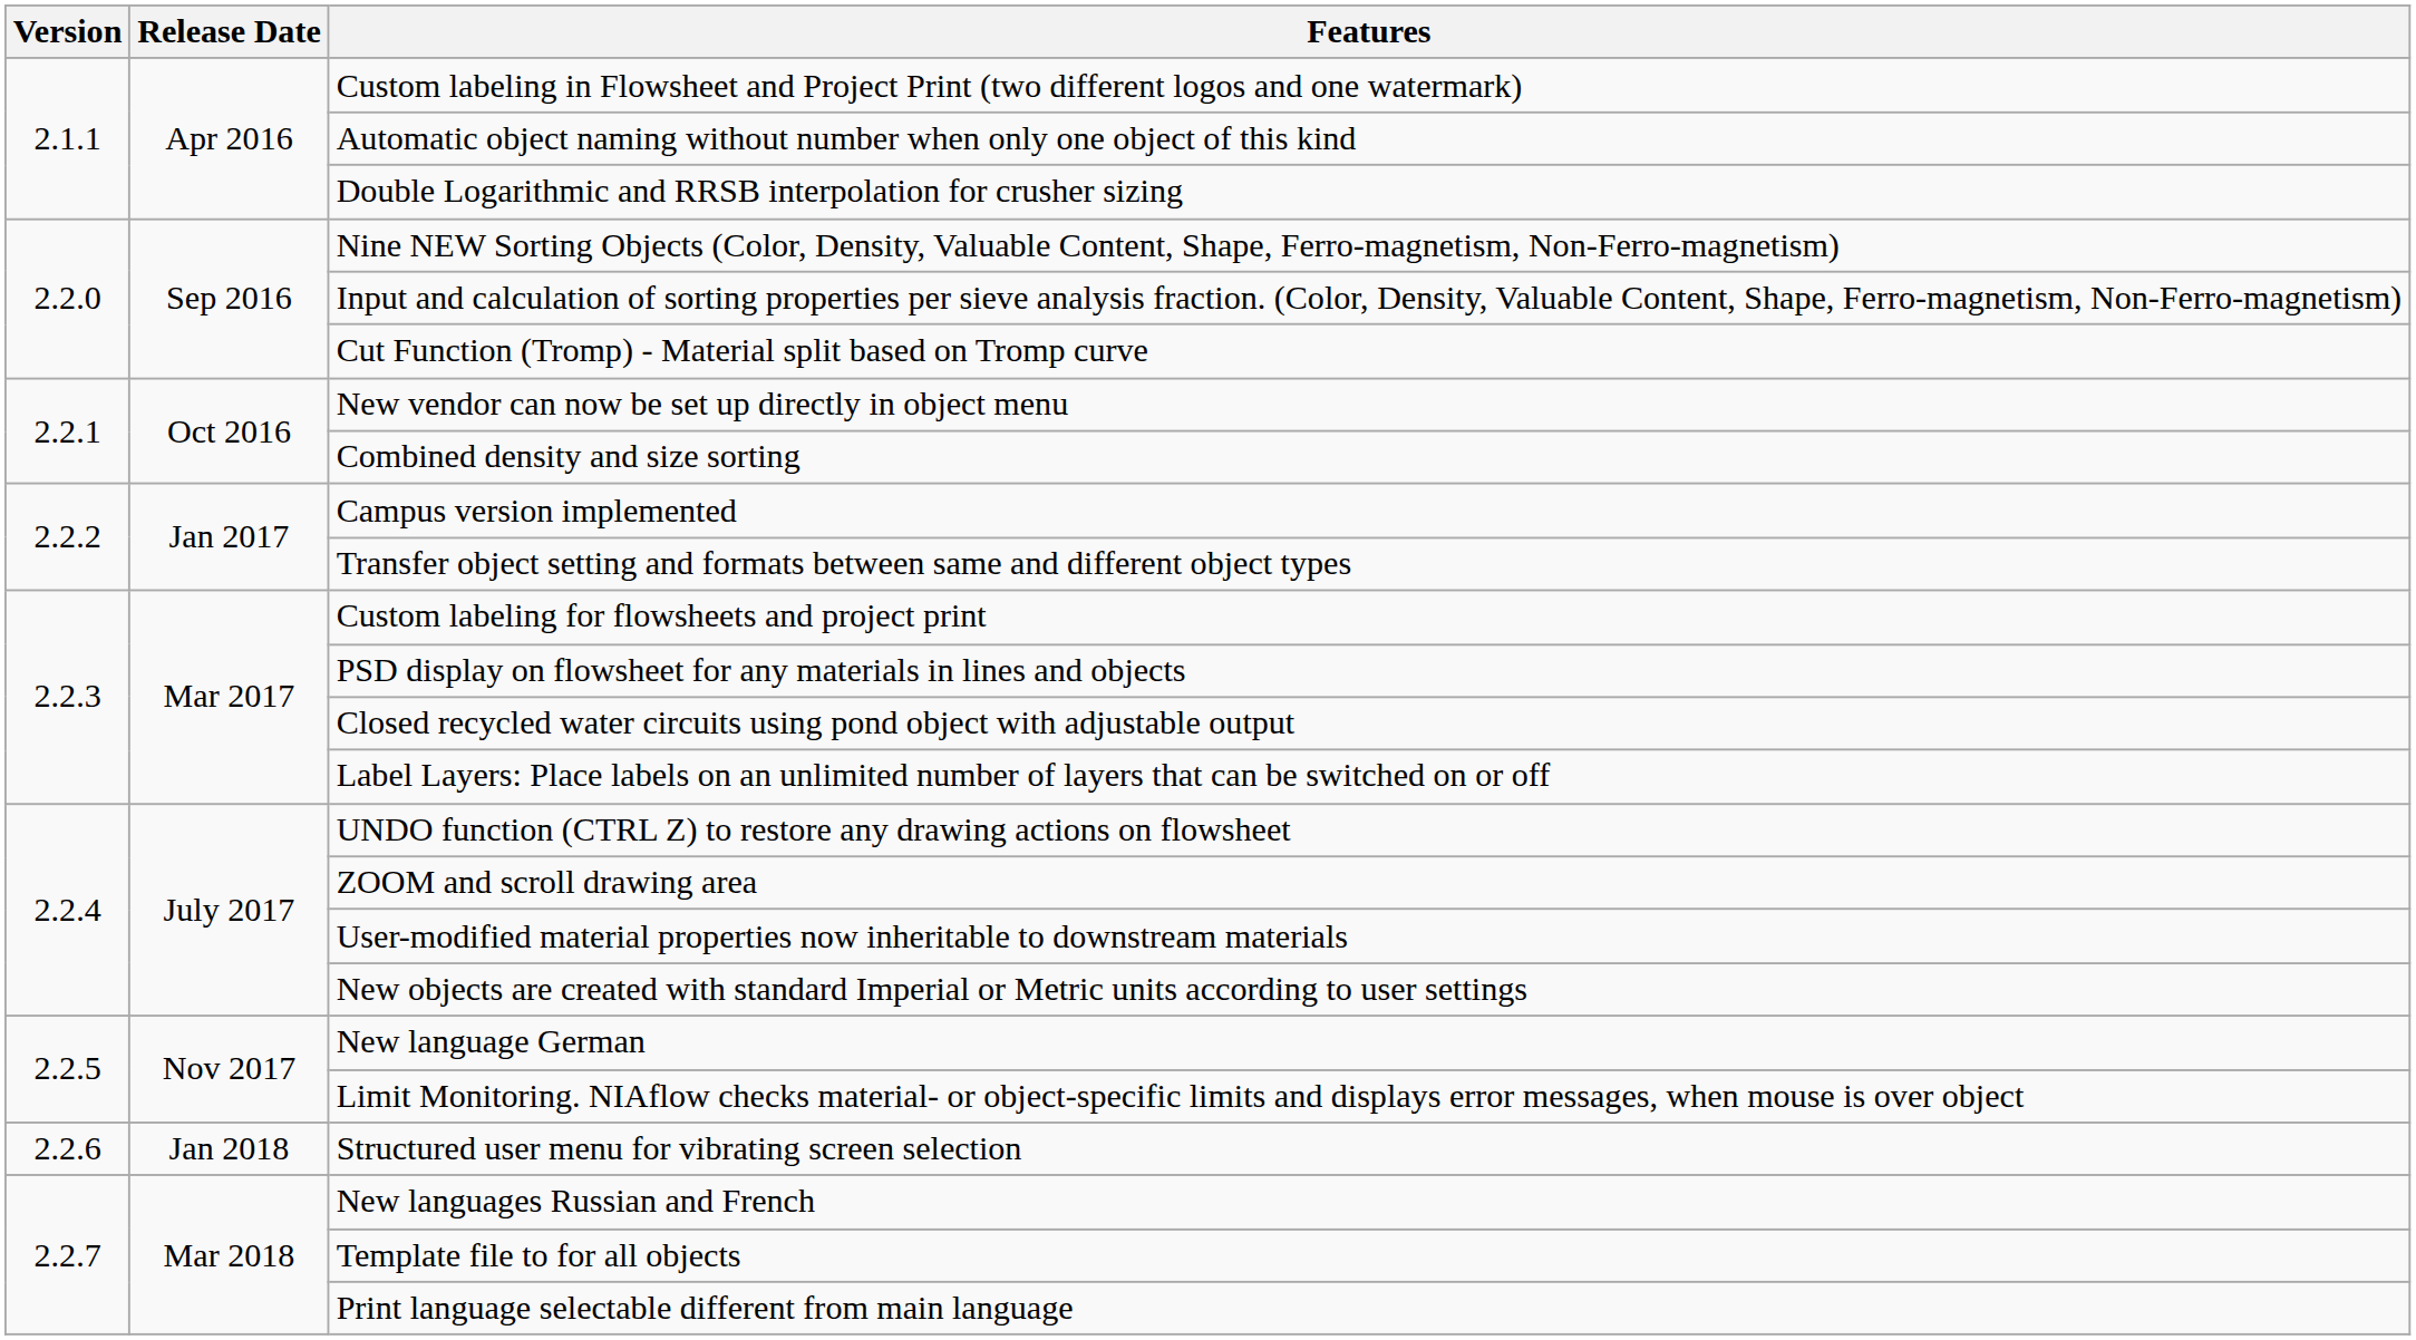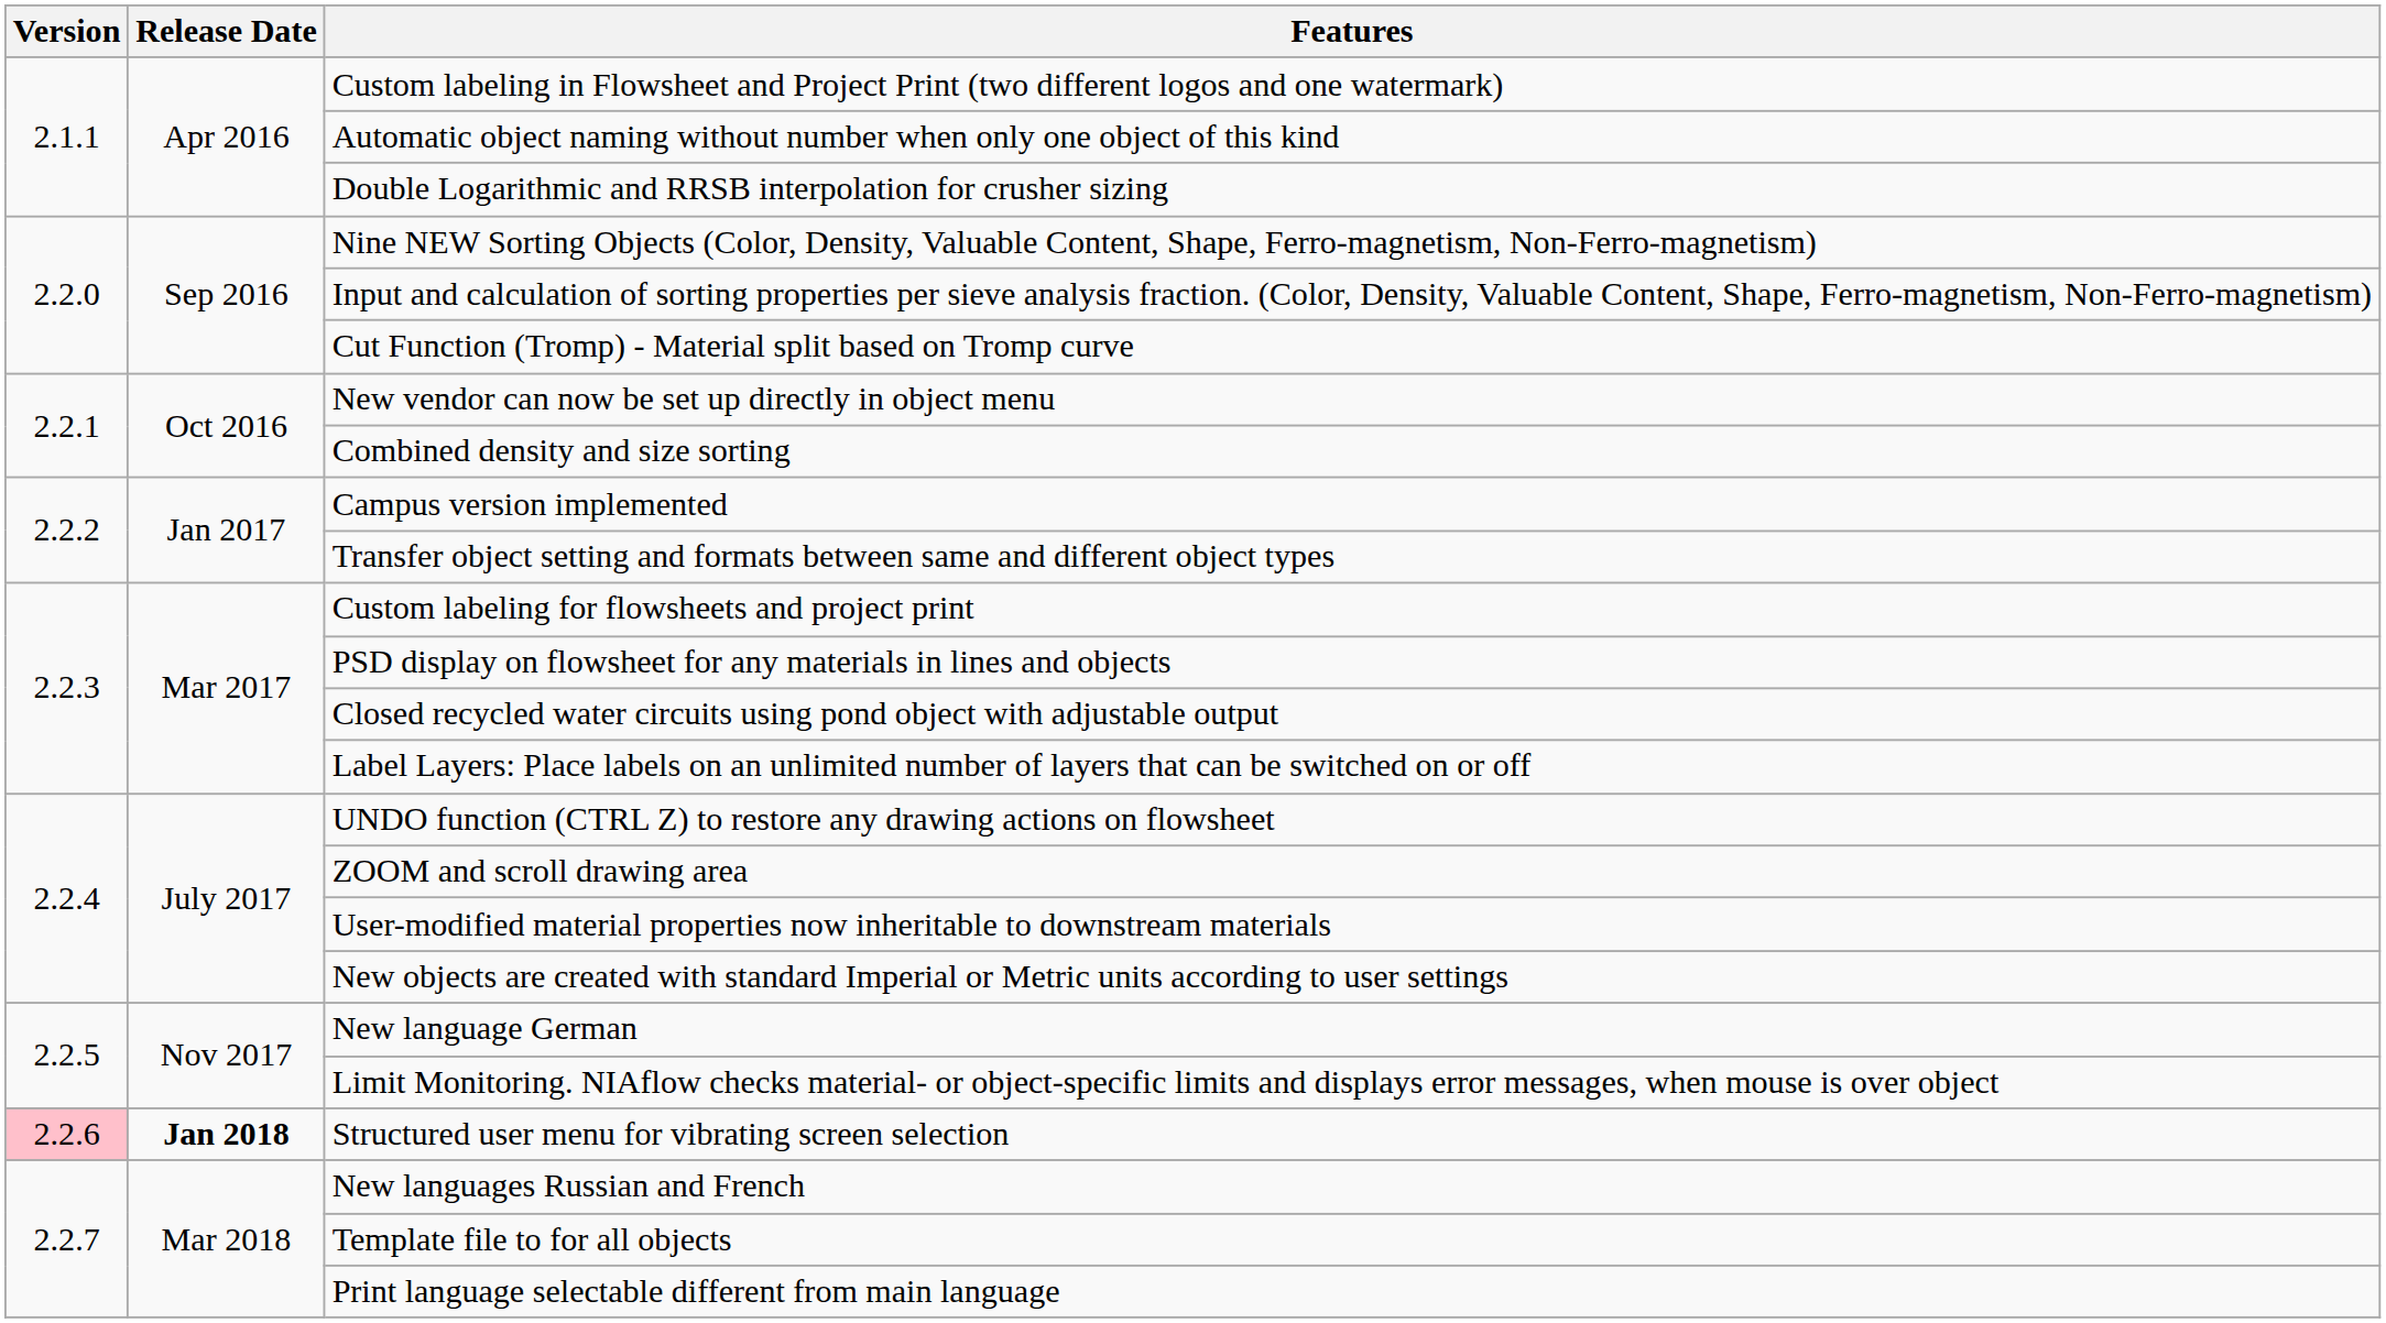 <table class="wikitable">
 <tr>
 <th>Version</th>
 <th>Release Date</th>
 <th>Features</th>
 </tr>
 <tr>
 <td style="text-align:center;" rowspan="3">2.1.1</td>
 <td style="text-align:center;" rowspan="3">Apr 2016</td>
 <td>Custom labeling in Flowsheet and Project Print (two different logos and one watermark)</td>
 </tr>
 <tr>
 <td>Automatic object naming without number when only one object of this kind</td>
 </tr>
 <tr>
 <td>Double Logarithmic and RRSB interpolation for crusher sizing</td>
 </tr>
 <tr>
 <td style="text-align:center;" rowspan="3">2.2.0</td>
 <td style="text-align:center;" rowspan="3">Sep 2016</td>
 <td>Nine NEW Sorting Objects (Color, Density, Valuable Content, Shape, Ferro-magnetism, Non-Ferro-magnetism)</td>
 </tr>
 <tr>
 <td>Input and calculation of sorting properties per sieve analysis fraction. (Color, Density, Valuable Content, Shape, Ferro-magnetism, Non-Ferro-magnetism)</td>
 </tr>
 <tr>
 <td>Cut Function (Tromp) - Material split based on Tromp curve</td>
 </tr>
 <tr>
 <td style="text-align:center;" rowspan="2">2.2.1</td>
 <td style="text-align:center;" rowspan="2">Oct 2016</td>
 <td>New vendor can now be set up directly in object menu</td>
 </tr>
 <tr>
 <td>Combined density and size sorting</td>
 </tr>
 <tr>
 <td style="text-align:center;" rowspan="2">2.2.2</td>
 <td style="text-align:center;" rowspan="2">Jan 2017</td>
 <td>Campus version implemented</td>
 </tr>
 <tr>
 <td>Transfer object setting and formats between same and different object types</td>
 </tr>
 <tr>
 <td style="text-align:center;" rowspan="4">2.2.3</td>
 <td style="text-align:center;" rowspan="4">Mar 2017</td>
 <td>Custom labeling for flowsheets and project print</td>
 </tr>
 <tr>
 <td>PSD display on flowsheet for any materials in lines and objects</td>
 </tr>
 <tr>
 <td>Closed recycled water circuits using pond object with adjustable output</td>
 </tr>
 <tr>
 <td>Label Layers: Place labels on an unlimited number of layers that can be switched on or off</td>
 </tr>
 <tr>
 <td style="text-align:center;" rowspan="4">2.2.4</td>
 <td style="text-align:center;" rowspan="4">July 2017</td>
 <td>UNDO function (CTRL Z) to restore any drawing actions on flowsheet</td>
 </tr>
 <tr>
 <td>ZOOM and scroll drawing area</td>
 </tr>
 <tr>
 <td>User-modified material properties now inheritable to downstream materials</td>
 </tr>
 <tr>
 <td>New objects are created with standard Imperial or Metric units according to user settings</td>
 </tr>
 <tr>
 <td style="text-align:center;" rowspan="2">2.2.5</td>
 <td style="text-align:center;" rowspan="2">Nov 2017</td>
 <td>New language German</td>
 </tr>
 <tr>
 <td>Limit Monitoring. NIAflow checks material- or object-specific limits and displays error messages, when mouse is over object</td>
 </tr>
 <tr>
-<td style="text-align:center;" rowspan="1">2.2.6</td>
-<td style="text-align:center;" rowspan="1">Jan 2018</td>
+<td style="background: pink; text-align:center;" rowspan="1">2.2.6</td>
+<td style="text-align:center;" rowspan="1"><strong>Jan 2018</strong></td>
 <td>Structured user menu for vibrating screen selection</td>
 </tr>
 <tr>
 <td style="text-align:center;" rowspan="3">2.2.7</td>
 <td style="text-align:center;" rowspan="3">Mar 2018</td>
 <td>New languages Russian and French</td>
 </tr>
 <tr>
 <td>Template file to for all objects</td>
 </tr>
 <tr>
 <td>Print language selectable different from main language</td>
 </tr>
 </table>
